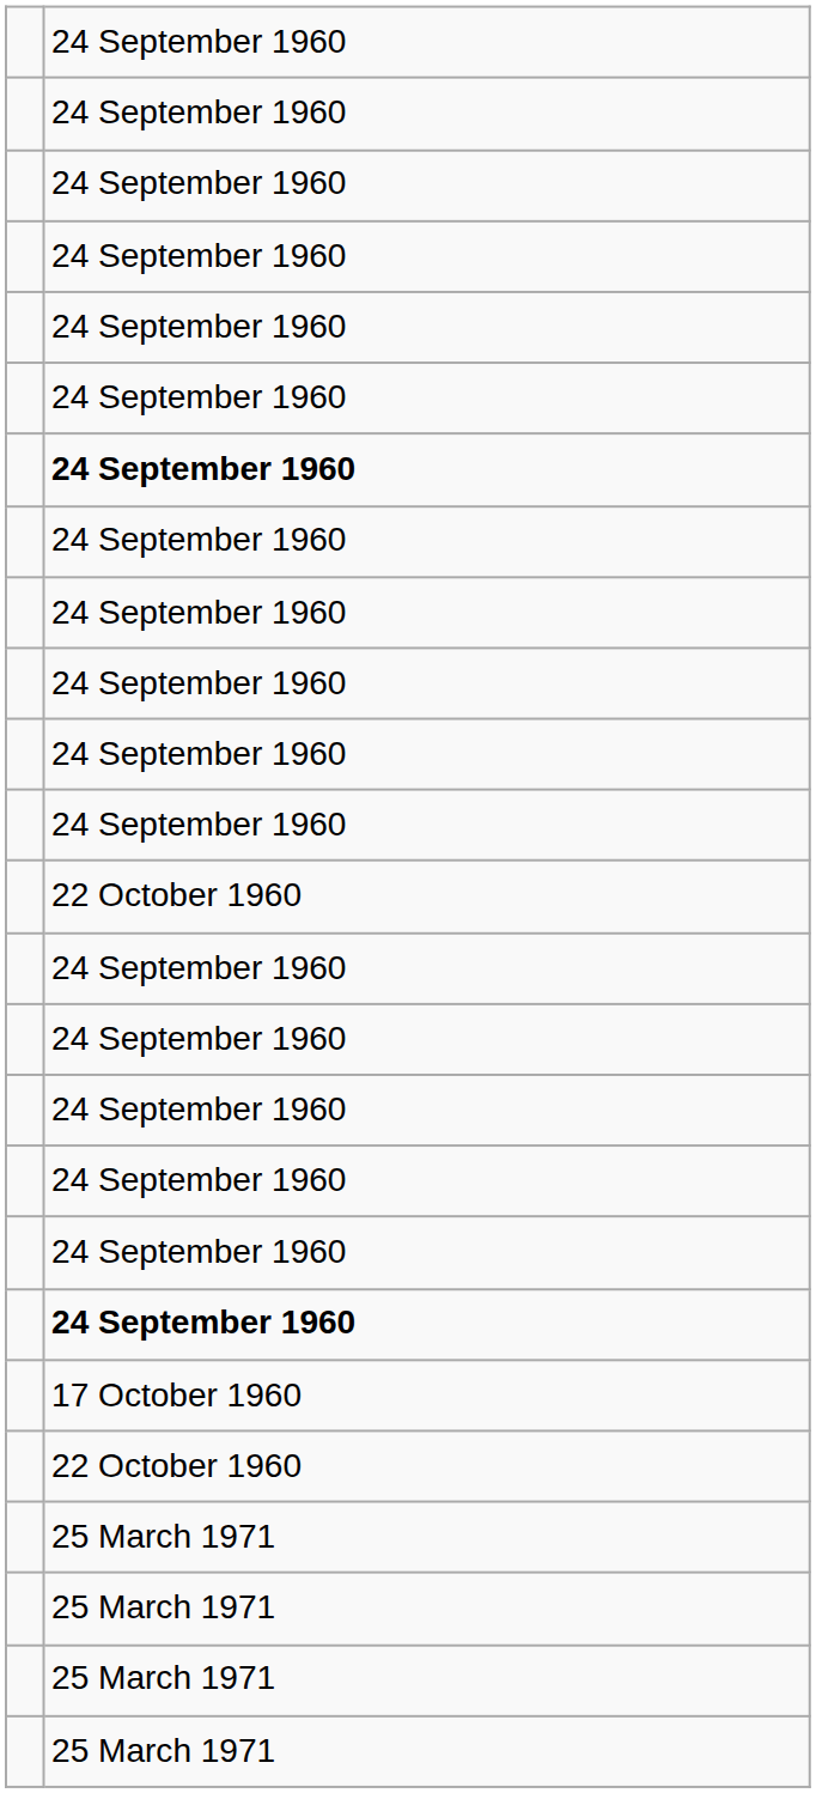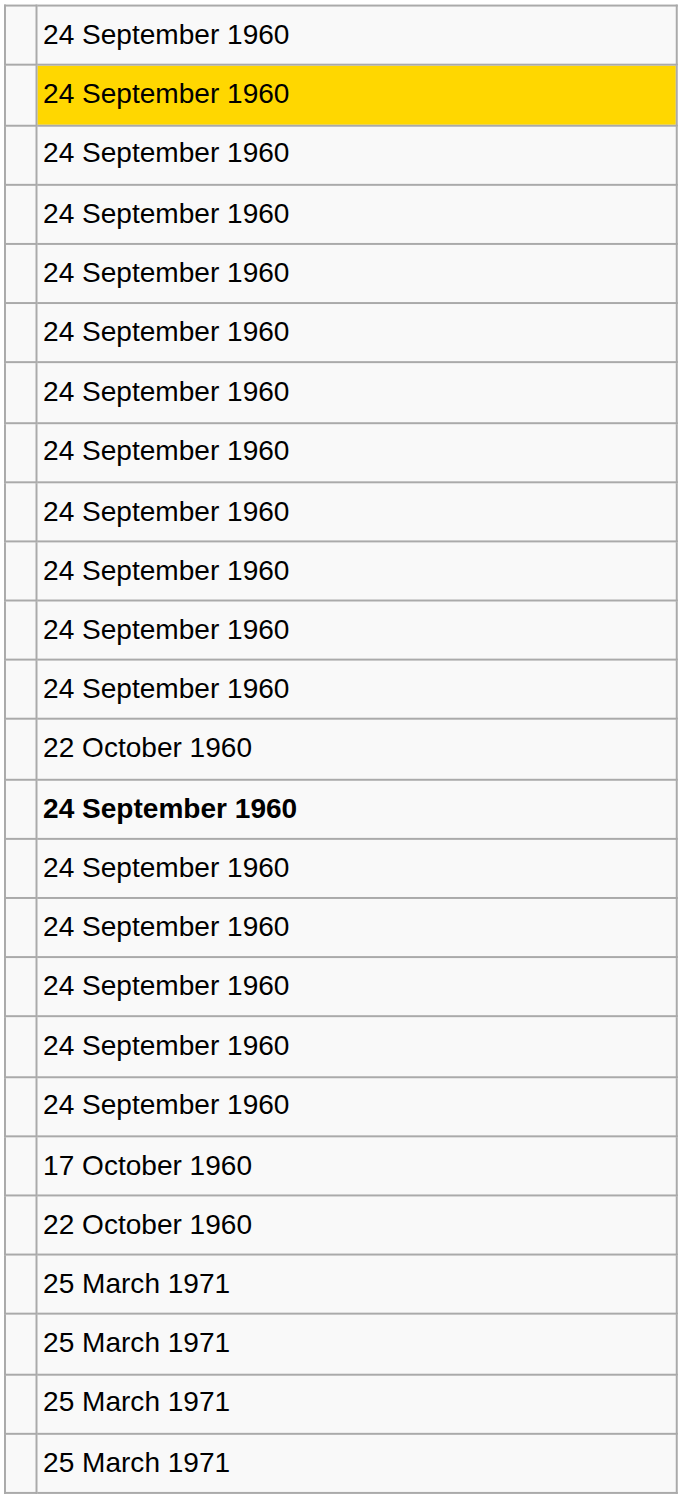 <table class="wikitable" style="font-size: 89%; float: left; width: 24em; margin-right: 1em; line-height: 1.65em">
+<tr>
+<td></td>
+<td>24 September 1960</td>
+</tr>
+<tr>
+<td></td>
+<td style="background: gold;">24 September 1960</td>
+</tr>
 <tr>
 <td></td>
 <td>24 September 1960</td>
 </tr>
 <tr>
 <td></td>
 <td>24 September 1960</td>
 </tr>
 <tr>
 <td></td>
 <td>24 September 1960</td>
 </tr>
 <tr>
 <td></td>
 <td>24 September 1960</td>
 </tr>
 <tr>
 <td></td>
 <td>24 September 1960</td>
 </tr>
 <tr>
 <td></td>
 <td>24 September 1960</td>
+</tr>
+<tr>
+<td></td>
+<td>24 September 1960</td>
+</tr>
+<tr>
+<td></td>
+<td>24 September 1960</td>
+</tr>
+<tr>
+<td></td>
+<td>24 September 1960</td>
+</tr>
+<tr>
+<td></td>
+<td>24 September 1960</td>
+</tr>
+<tr>
+<td></td>
+<td>22 October 1960</td>
 </tr>
 <tr>
 <td></td>
 <td><strong>24 September 1960</strong></td>
 </tr>
 <tr>
 <td></td>
 <td>24 September 1960</td>
 </tr>
 <tr>
 <td></td>
 <td>24 September 1960</td>
 </tr>
 <tr>
 <td></td>
 <td>24 September 1960</td>
 </tr>
 <tr>
 <td></td>
 <td>24 September 1960</td>
 </tr>
 <tr>
 <td></td>
 <td>24 September 1960</td>
 </tr>
 <tr>
 <td></td>
-<td>22 October 1960</td>
-</tr>
-<tr>
-<td></td>
-<td>24 September 1960</td>
-</tr>
-<tr>
-<td></td>
-<td>24 September 1960</td>
-</tr>
-<tr>
-<td></td>
-<td>24 September 1960</td>
-</tr>
-<tr>
-<td></td>
-<td>24 September 1960</td>
-</tr>
-<tr>
-<td></td>
-<td>24 September 1960</td>
-</tr>
-<tr>
-<td></td>
-<td><strong>24 September 1960</strong></td>
-</tr>
-<tr>
-<td></td>
 <td>17 October 1960</td>
 </tr>
 <tr>
 <td></td>
 <td>22 October 1960</td>
 </tr>
 <tr>
 <td></td>
 <td>25 March 1971</td>
 </tr>
 <tr>
 <td></td>
 <td>25 March 1971</td>
 </tr>
 <tr>
 <td></td>
 <td>25 March 1971</td>
 </tr>
 <tr>
 <td></td>
 <td>25 March 1971</td>
 </tr>
 </table>
